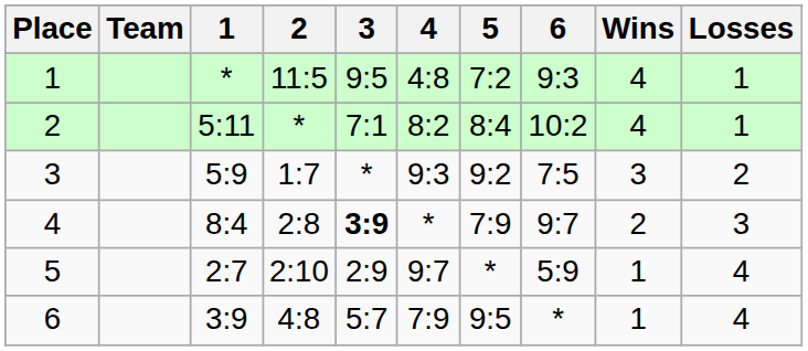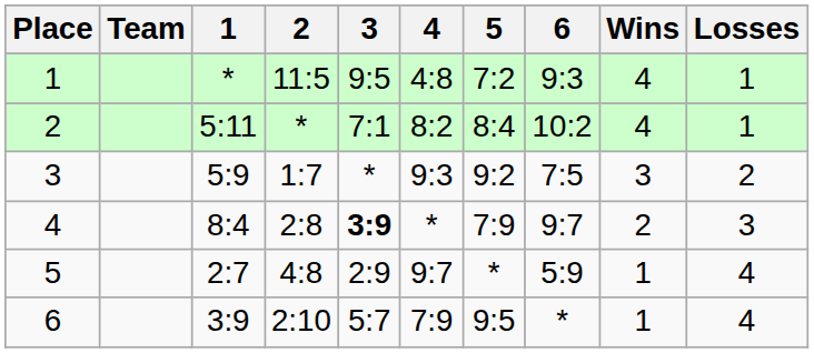 <table class="wikitable" style="text-align:center;">
 <tr>
 <th>Place</th>
 <th>Team</th>
 <th width="25">1</th>
 <th width="25">2</th>
 <th width="25">3</th>
 <th width="25">4</th>
 <th width="25">5</th>
 <th width="25">6</th>
 <th>Wins</th>
 <th>Losses</th>
 </tr>
 <tr bgcolor=#cfc>
 <td>1</td>
 <td align=left></td>
 <td>*</td>
 <td>11:5</td>
 <td>9:5</td>
 <td>4:8</td>
 <td>7:2</td>
 <td>9:3</td>
 <td>4</td>
 <td>1</td>
 </tr>
 <tr bgcolor=#cfc>
 <td>2</td>
 <td align=left></td>
 <td>5:11</td>
 <td>*</td>
 <td>7:1</td>
 <td>8:2</td>
 <td>8:4</td>
 <td>10:2</td>
 <td>4</td>
 <td>1</td>
 </tr>
 <tr>
 <td>3</td>
 <td align=left></td>
 <td>5:9</td>
 <td>1:7</td>
 <td>*</td>
 <td>9:3</td>
 <td>9:2</td>
 <td>7:5</td>
 <td>3</td>
 <td>2</td>
 </tr>
 <tr>
 <td>4</td>
 <td align=left></td>
 <td>8:4</td>
 <td>2:8</td>
 <td><strong>3:9</strong></td>
 <td>*</td>
 <td>7:9</td>
 <td>9:7</td>
 <td>2</td>
 <td>3</td>
 </tr>
 <tr>
 <td>5</td>
 <td align=left></td>
 <td>2:7</td>
-<td>2:10</td>
+<td>4:8</td>
 <td>2:9</td>
 <td>9:7</td>
 <td>*</td>
 <td>5:9</td>
 <td>1</td>
 <td>4</td>
 </tr>
 <tr>
 <td>6</td>
 <td align=left></td>
 <td>3:9</td>
-<td>4:8</td>
+<td>2:10</td>
 <td>5:7</td>
 <td>7:9</td>
 <td>9:5</td>
 <td>*</td>
 <td>1</td>
 <td>4</td>
 </tr>
 </table>
